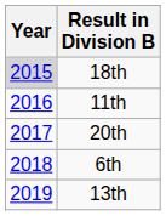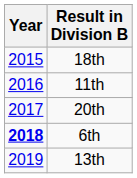 <table class="wikitable" style="text-align:center">
 <tr>
 <th>Year</th>
 <th>Result in<br>Division B</th>
 </tr>
 <tr>
-<td style="background: lightgrey;"><a href='#'>2015</a></td>
+<td><a href='#'>2015</a></td>
 <td>18th</td>
 </tr>
 <tr>
 <td><a href='#'>2016</a></td>
 <td>11th</td>
 </tr>
 <tr>
 <td><a href='#'>2017</a></td>
 <td>20th</td>
 </tr>
 <tr>
-<td><a href='#'>2018</a></td>
+<td><strong><a href='#'>2018</a></strong></td>
 <td>6th</td>
 </tr>
 <tr>
 <td><a href='#'>2019</a></td>
 <td>13th</td>
 </tr>
 </table>
